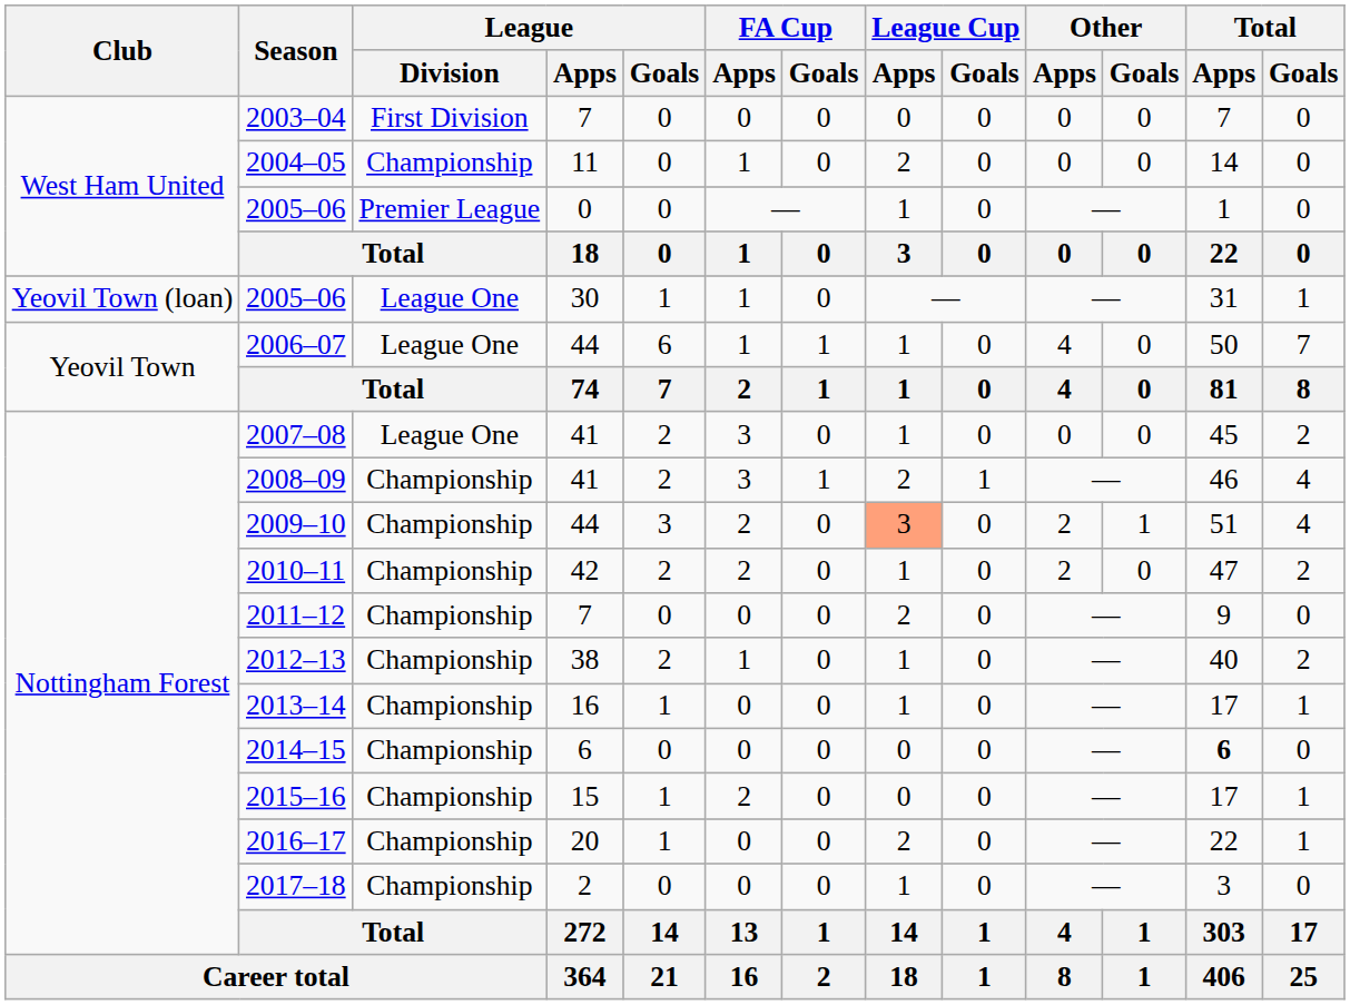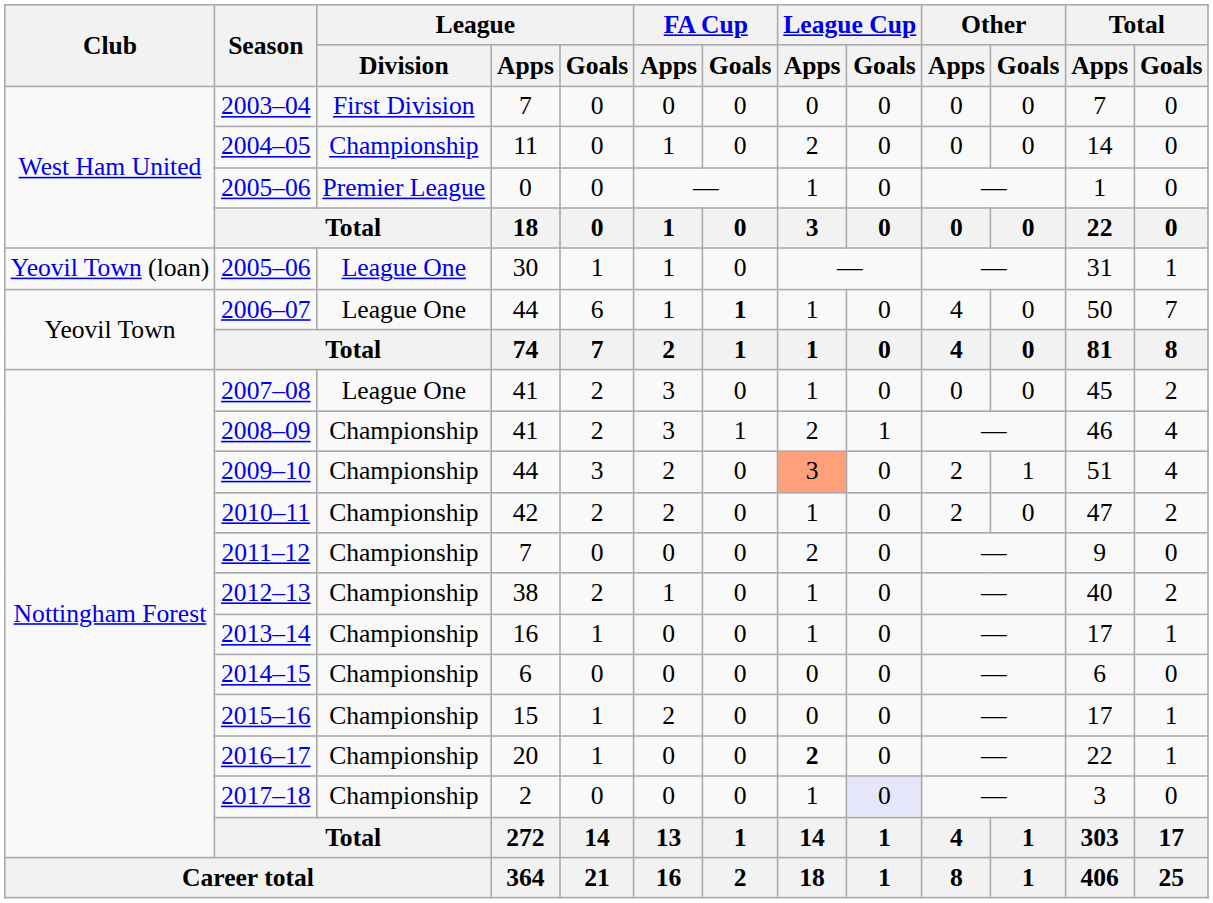 <table class=wikitable style="text-align:center">
 <tr>
 <th rowspan=2>Club</th>
 <th rowspan=2>Season</th>
 <th colspan=3>League</th>
 <th colspan=2><a href='#'>FA Cup</a></th>
 <th colspan=2><a href='#'>League Cup</a></th>
 <th colspan=2>Other</th>
 <th colspan=2>Total</th>
 </tr>
 <tr>
 <th>Division</th>
 <th>Apps</th>
 <th>Goals</th>
 <th>Apps</th>
 <th>Goals</th>
 <th>Apps</th>
 <th>Goals</th>
 <th>Apps</th>
 <th>Goals</th>
 <th>Apps</th>
 <th>Goals</th>
 </tr>
 <tr>
 <td rowspan=4><a href='#'>West Ham United</a></td>
 <td><a href='#'>2003–04</a></td>
 <td><a href='#'>First Division</a></td>
 <td>7</td>
 <td>0</td>
 <td>0</td>
 <td>0</td>
 <td>0</td>
 <td>0</td>
 <td>0</td>
 <td>0</td>
 <td>7</td>
 <td>0</td>
 </tr>
 <tr>
 <td><a href='#'>2004–05</a></td>
 <td><a href='#'>Championship</a></td>
 <td>11</td>
 <td>0</td>
 <td>1</td>
 <td>0</td>
 <td>2</td>
 <td>0</td>
 <td>0</td>
 <td>0</td>
 <td>14</td>
 <td>0</td>
 </tr>
 <tr>
 <td><a href='#'>2005–06</a></td>
 <td><a href='#'>Premier League</a></td>
 <td>0</td>
 <td>0</td>
 <td colspan=2>—</td>
 <td>1</td>
 <td>0</td>
 <td colspan=2>—</td>
 <td>1</td>
 <td>0</td>
 </tr>
 <tr>
 <th colspan=2>Total</th>
 <th>18</th>
 <th>0</th>
 <th>1</th>
 <th>0</th>
 <th>3</th>
 <th>0</th>
 <th>0</th>
 <th>0</th>
 <th>22</th>
 <th>0</th>
 </tr>
 <tr>
 <td><a href='#'>Yeovil Town</a> (loan)</td>
 <td><a href='#'>2005–06</a></td>
 <td><a href='#'>League One</a></td>
 <td>30</td>
 <td>1</td>
 <td>1</td>
 <td>0</td>
 <td colspan=2>—</td>
 <td colspan=2>—</td>
 <td>31</td>
 <td>1</td>
 </tr>
 <tr>
 <td rowspan=2>Yeovil Town</td>
 <td><a href='#'>2006–07</a></td>
 <td>League One</td>
 <td>44</td>
 <td>6</td>
 <td>1</td>
-<td>1</td>
+<td><strong>1</strong></td>
 <td>1</td>
 <td>0</td>
 <td>4</td>
 <td>0</td>
 <td>50</td>
 <td>7</td>
 </tr>
 <tr>
 <th colspan=2>Total</th>
 <th>74</th>
 <th>7</th>
 <th>2</th>
 <th>1</th>
 <th>1</th>
 <th>0</th>
 <th>4</th>
 <th>0</th>
 <th>81</th>
 <th>8</th>
 </tr>
 <tr>
 <td rowspan=12><a href='#'>Nottingham Forest</a></td>
 <td><a href='#'>2007–08</a></td>
 <td>League One</td>
 <td>41</td>
 <td>2</td>
 <td>3</td>
 <td>0</td>
 <td>1</td>
 <td>0</td>
 <td>0</td>
 <td>0</td>
 <td>45</td>
 <td>2</td>
 </tr>
 <tr>
 <td><a href='#'>2008–09</a></td>
 <td>Championship</td>
 <td>41</td>
 <td>2</td>
 <td>3</td>
 <td>1</td>
 <td>2</td>
 <td>1</td>
 <td colspan=2>—</td>
 <td>46</td>
 <td>4</td>
 </tr>
 <tr>
 <td><a href='#'>2009–10</a></td>
 <td>Championship</td>
 <td>44</td>
 <td>3</td>
 <td>2</td>
 <td>0</td>
 <td style="background: lightsalmon;">3</td>
 <td>0</td>
 <td>2</td>
 <td>1</td>
 <td>51</td>
 <td>4</td>
 </tr>
 <tr>
 <td><a href='#'>2010–11</a></td>
 <td>Championship</td>
 <td>42</td>
 <td>2</td>
 <td>2</td>
 <td>0</td>
 <td>1</td>
 <td>0</td>
 <td>2</td>
 <td>0</td>
 <td>47</td>
 <td>2</td>
 </tr>
 <tr>
 <td><a href='#'>2011–12</a></td>
 <td>Championship</td>
 <td>7</td>
 <td>0</td>
 <td>0</td>
 <td>0</td>
 <td>2</td>
 <td>0</td>
 <td colspan=2>—</td>
 <td>9</td>
 <td>0</td>
 </tr>
 <tr>
 <td><a href='#'>2012–13</a></td>
 <td>Championship</td>
 <td>38</td>
 <td>2</td>
 <td>1</td>
 <td>0</td>
 <td>1</td>
 <td>0</td>
 <td colspan=2>—</td>
 <td>40</td>
 <td>2</td>
 </tr>
 <tr>
 <td><a href='#'>2013–14</a></td>
 <td>Championship</td>
 <td>16</td>
 <td>1</td>
 <td>0</td>
 <td>0</td>
 <td>1</td>
 <td>0</td>
 <td colspan=2>—</td>
 <td>17</td>
 <td>1</td>
 </tr>
 <tr>
 <td><a href='#'>2014–15</a></td>
 <td>Championship</td>
 <td>6</td>
 <td>0</td>
 <td>0</td>
 <td>0</td>
 <td>0</td>
 <td>0</td>
 <td colspan=2>—</td>
-<td><strong>6</strong></td>
+<td>6</td>
 <td>0</td>
 </tr>
 <tr>
 <td><a href='#'>2015–16</a></td>
 <td>Championship</td>
 <td>15</td>
 <td>1</td>
 <td>2</td>
 <td>0</td>
 <td>0</td>
 <td>0</td>
 <td colspan=2>—</td>
 <td>17</td>
 <td>1</td>
 </tr>
 <tr>
 <td><a href='#'>2016–17</a></td>
 <td>Championship</td>
 <td>20</td>
 <td>1</td>
 <td>0</td>
 <td>0</td>
-<td>2</td>
+<td><strong>2</strong></td>
 <td>0</td>
 <td colspan=2>—</td>
 <td>22</td>
 <td>1</td>
 </tr>
 <tr>
 <td><a href='#'>2017–18</a></td>
 <td>Championship</td>
 <td>2</td>
 <td>0</td>
 <td>0</td>
 <td>0</td>
 <td>1</td>
-<td>0</td>
+<td style="background: lavender;">0</td>
 <td colspan=2>—</td>
 <td>3</td>
 <td>0</td>
 </tr>
 <tr>
 <th colspan=2>Total</th>
 <th>272</th>
 <th>14</th>
 <th>13</th>
 <th>1</th>
 <th>14</th>
 <th>1</th>
 <th>4</th>
 <th>1</th>
 <th>303</th>
 <th>17</th>
 </tr>
 <tr>
 <th colspan=3>Career total</th>
 <th>364</th>
 <th>21</th>
 <th>16</th>
 <th>2</th>
 <th>18</th>
 <th>1</th>
 <th>8</th>
 <th>1</th>
 <th>406</th>
 <th>25</th>
 </tr>
 </table>
